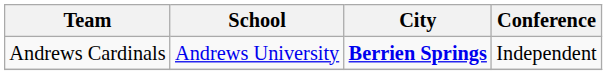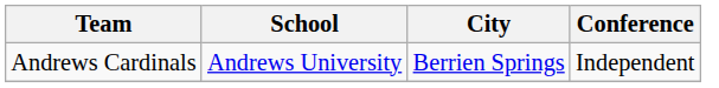 <table class="sortable wikitable">
 <tr>
 <th>Team</th>
 <th>School</th>
 <th>City</th>
 <th>Conference</th>
 </tr>
 <tr>
 <td>Andrews Cardinals</td>
 <td><a href='#'>Andrews University</a></td>
-<td><strong><a href='#'>Berrien Springs</a></strong></td>
+<td><a href='#'>Berrien Springs</a></td>
 <td>Independent</td>
 </tr>
 <tr>
 </tr>
 </table>
